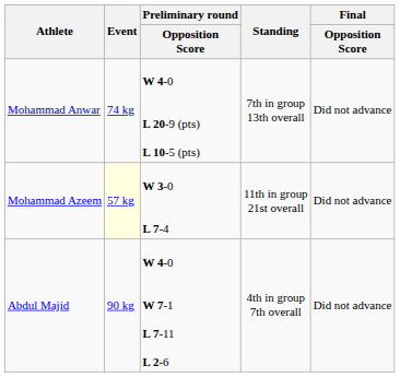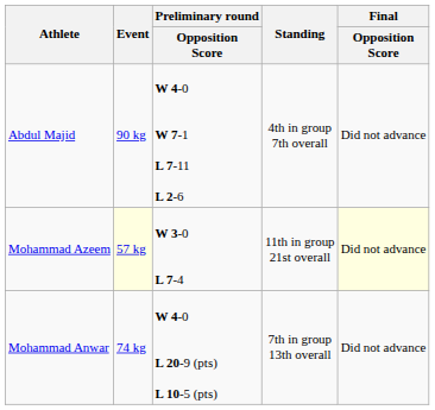 <table class=wikitable style="font-size:90%">
 <tr>
 <th rowspan="2">Athlete</th>
 <th rowspan="2">Event</th>
 <th>Preliminary round</th>
 <th rowspan="2">Standing</th>
 <th>Final</th>
 </tr>
 <tr>
 <th>Opposition <br>Score</th>
 <th>Opposition <br>Score</th>
 </tr>
 <tr>
-<td><a href='#'>Mohammad Anwar</a></td>
-<td><a href='#'>74 kg</a></td>
-<td><br><strong>W 4</strong>-0<br><br><br><strong>L 20</strong>-9 (pts)<br> <br><strong>L 10</strong>-5 (pts)<br></td>
-<td align=center>7th in group<br>13th overall</td>
+<td><a href='#'>Abdul Majid</a></td>
+<td><a href='#'>90 kg</a></td>
+<td><br><strong>W 4</strong>-0<br><br><br><strong>W 7</strong>-1<br> <br><strong>L 7</strong>-11<br> <br><strong>L 2</strong>-6<br></td>
+<td align=center>4th in group<br>7th overall</td>
 <td align=center>Did not advance</td>
 </tr>
 <tr>
 <td><a href='#'>Mohammad Azeem</a></td>
 <td style="background: lightyellow;"><a href='#'>57 kg</a></td>
 <td><br><strong>W 3</strong>-0<br><br><br><strong>L 7</strong>-4<br></td>
 <td align=center>11th in group<br>21st overall</td>
-<td align=center>Did not advance</td>
+<td align=center style="background: lightyellow;">Did not advance</td>
 </tr>
 <tr>
-<td><a href='#'>Abdul Majid</a></td>
-<td><a href='#'>90 kg</a></td>
-<td><br><strong>W 4</strong>-0<br><br><br><strong>W 7</strong>-1<br> <br><strong>L 7</strong>-11<br> <br><strong>L 2</strong>-6<br></td>
-<td align=center>4th in group<br>7th overall</td>
+<td><a href='#'>Mohammad Anwar</a></td>
+<td><a href='#'>74 kg</a></td>
+<td><br><strong>W 4</strong>-0<br><br><br><strong>L 20</strong>-9 (pts)<br> <br><strong>L 10</strong>-5 (pts)<br></td>
+<td align=center>7th in group<br>13th overall</td>
 <td align=center>Did not advance</td>
 </tr>
 </table>
